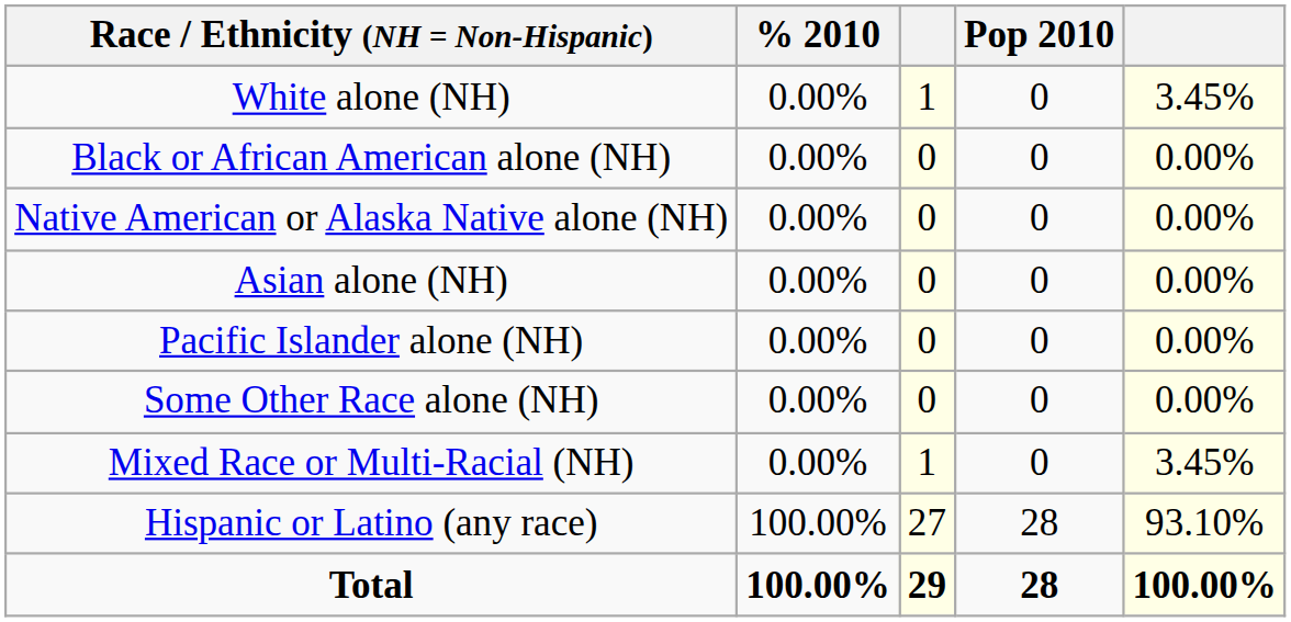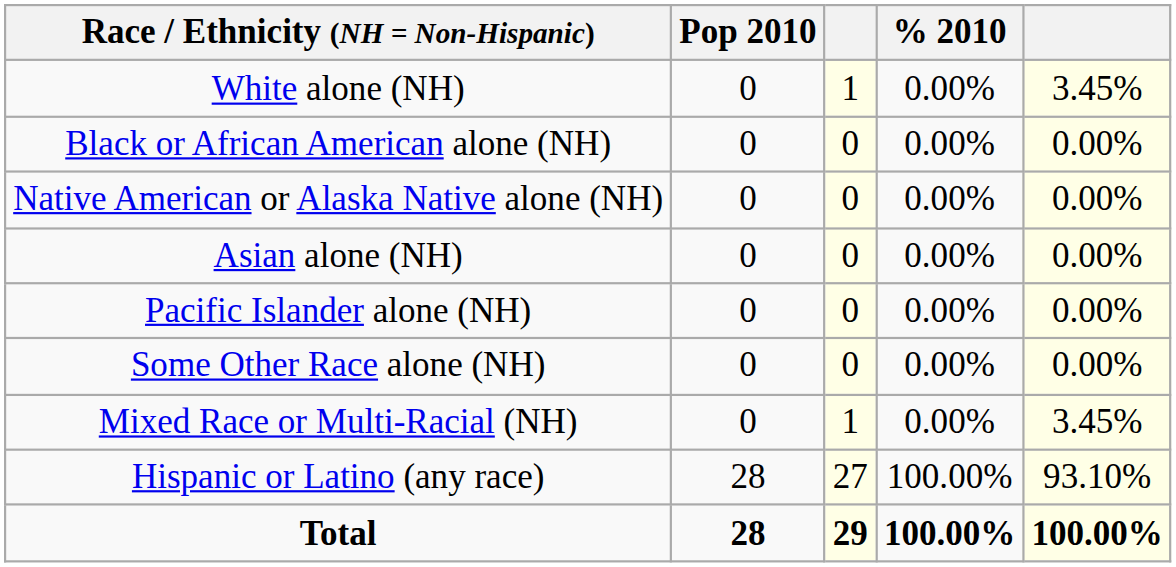 <table class="wikitable" style="text-align:center;">
 <tr>
 <th>Race / Ethnicity <small>(<em>NH = Non-Hispanic</em>)</small></th>
+<th>Pop 2010</th>
+<th></th>
 <th>% 2010</th>
-<th></th>
-<th>Pop 2010</th>
 <th></th>
 </tr>
 <tr>
 <td><a href='#'>White</a> alone (NH)</td>
+<td>0</td>
+<td style='background: #ffffe6;'>1</td>
 <td>0.00%</td>
-<td style='background: #ffffe6;'>1</td>
-<td>0</td>
 <td style='background: #ffffe6;'>3.45%</td>
 </tr>
 <tr>
 <td><a href='#'>Black or African American</a> alone (NH)</td>
+<td>0</td>
+<td style='background: #ffffe6;'>0</td>
 <td>0.00%</td>
-<td style='background: #ffffe6;'>0</td>
-<td>0</td>
 <td style='background: #ffffe6;'>0.00%</td>
 </tr>
 <tr>
 <td><a href='#'>Native American</a> or <a href='#'>Alaska Native</a> alone (NH)</td>
+<td>0</td>
+<td style='background: #ffffe6;'>0</td>
 <td>0.00%</td>
-<td style='background: #ffffe6;'>0</td>
-<td>0</td>
 <td style='background: #ffffe6;'>0.00%</td>
 </tr>
 <tr>
 <td><a href='#'>Asian</a> alone (NH)</td>
+<td>0</td>
+<td style='background: #ffffe6;'>0</td>
 <td>0.00%</td>
-<td style='background: #ffffe6;'>0</td>
-<td>0</td>
 <td style='background: #ffffe6;'>0.00%</td>
 </tr>
 <tr>
 <td><a href='#'>Pacific Islander</a> alone (NH)</td>
+<td>0</td>
+<td style='background: #ffffe6;'>0</td>
 <td>0.00%</td>
-<td style='background: #ffffe6;'>0</td>
-<td>0</td>
 <td style='background: #ffffe6;'>0.00%</td>
 </tr>
 <tr>
 <td><a href='#'>Some Other Race</a> alone (NH)</td>
+<td>0</td>
+<td style='background: #ffffe6;'>0</td>
 <td>0.00%</td>
-<td style='background: #ffffe6;'>0</td>
-<td>0</td>
 <td style='background: #ffffe6;'>0.00%</td>
 </tr>
 <tr>
 <td><a href='#'>Mixed Race or Multi-Racial</a> (NH)</td>
+<td>0</td>
+<td style='background: #ffffe6;'>1</td>
 <td>0.00%</td>
-<td style='background: #ffffe6;'>1</td>
-<td>0</td>
 <td style='background: #ffffe6;'>3.45%</td>
 </tr>
 <tr>
 <td><a href='#'>Hispanic or Latino</a> (any race)</td>
+<td>28</td>
+<td style='background: #ffffe6;'>27</td>
 <td>100.00%</td>
-<td style='background: #ffffe6;'>27</td>
-<td>28</td>
 <td style='background: #ffffe6;'>93.10%</td>
 </tr>
 <tr>
 <td><strong>Total</strong></td>
+<td><strong>28</strong></td>
+<td style='background: #ffffe6;'><strong>29</strong></td>
 <td><strong>100.00%</strong></td>
-<td style='background: #ffffe6;'><strong>29</strong></td>
-<td><strong>28</strong></td>
 <td style='background: #ffffe6;'><strong>100.00%</strong></td>
 </tr>
 </table>
